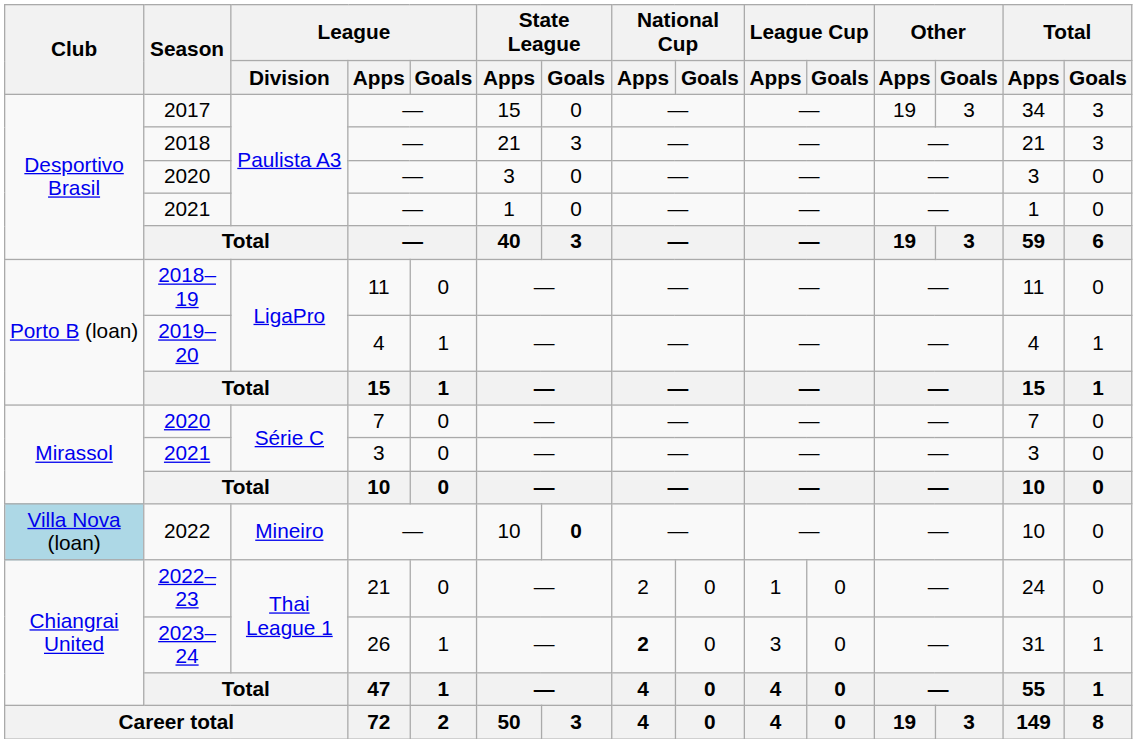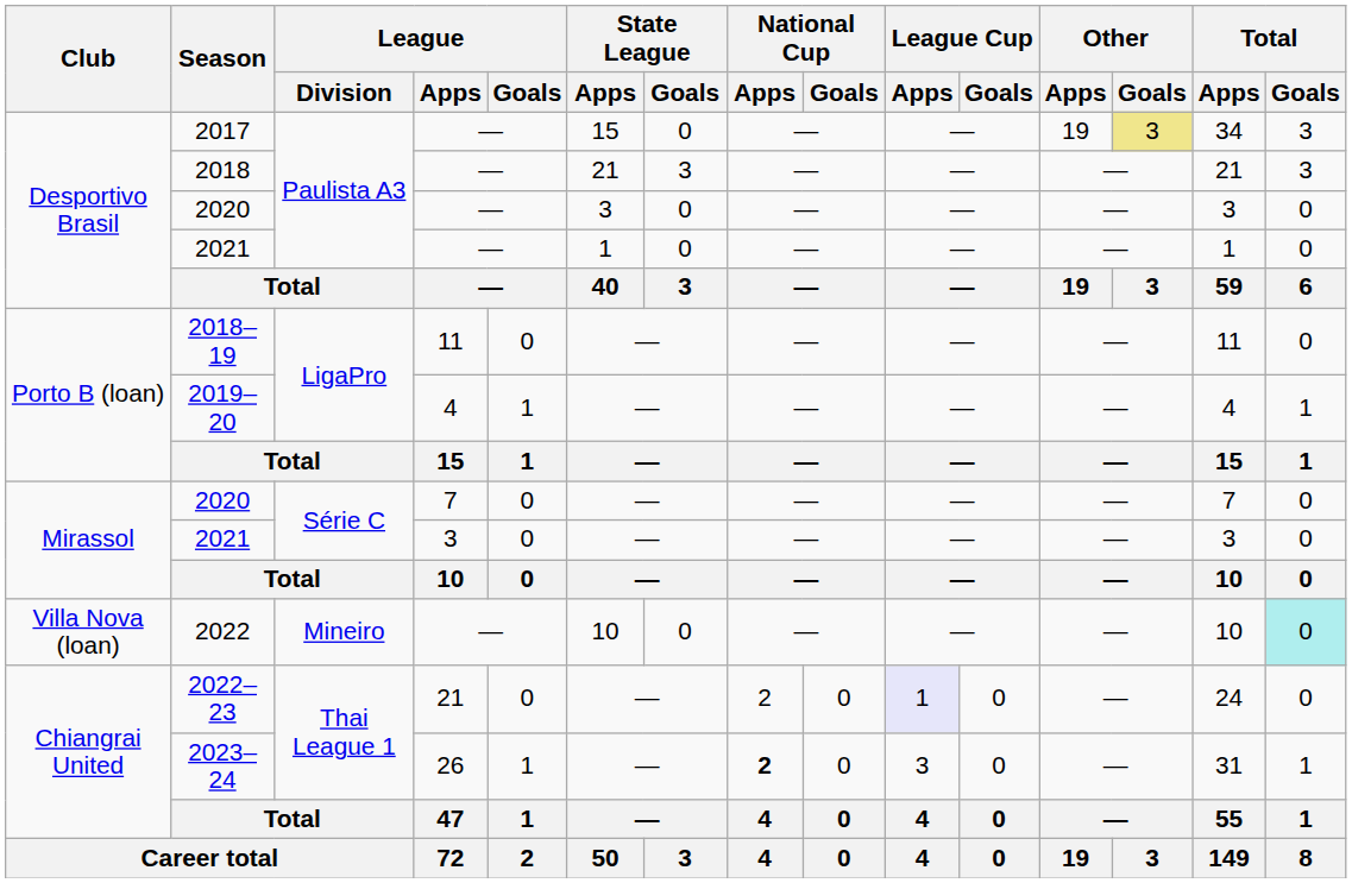 <table class="wikitable" style="text-align: center">
 <tr>
 <th rowspan="2">Club</th>
 <th rowspan="2">Season</th>
 <th colspan="3">League</th>
 <th colspan="2">State League</th>
 <th colspan="2">National Cup</th>
 <th colspan="2">League Cup</th>
 <th colspan="2">Other</th>
 <th colspan="2">Total</th>
 </tr>
 <tr>
 <th>Division</th>
 <th>Apps</th>
 <th>Goals</th>
 <th>Apps</th>
 <th>Goals</th>
 <th>Apps</th>
 <th>Goals</th>
 <th>Apps</th>
 <th>Goals</th>
 <th>Apps</th>
 <th>Goals</th>
 <th>Apps</th>
 <th>Goals</th>
 </tr>
 <tr>
 <td rowspan="5"><a href='#'>Desportivo Brasil</a></td>
 <td>2017</td>
 <td rowspan="4"><a href='#'>Paulista A3</a></td>
 <td colspan="2">—</td>
 <td>15</td>
 <td>0</td>
 <td colspan="2">—</td>
 <td colspan="2">—</td>
 <td>19</td>
-<td>3</td>
+<td style="background: khaki;">3</td>
 <td>34</td>
 <td>3</td>
 </tr>
 <tr>
 <td>2018</td>
 <td colspan="2">—</td>
 <td>21</td>
 <td>3</td>
 <td colspan="2">—</td>
 <td colspan="2">—</td>
 <td colspan="2">—</td>
 <td>21</td>
 <td>3</td>
 </tr>
 <tr>
 <td>2020</td>
 <td colspan="2">—</td>
 <td>3</td>
 <td>0</td>
 <td colspan="2">—</td>
 <td colspan="2">—</td>
 <td colspan="2">—</td>
 <td>3</td>
 <td>0</td>
 </tr>
 <tr>
 <td>2021</td>
 <td colspan="2">—</td>
 <td>1</td>
 <td>0</td>
 <td colspan="2">—</td>
 <td colspan="2">—</td>
 <td colspan="2">—</td>
 <td>1</td>
 <td>0</td>
 </tr>
 <tr>
 <th colspan="2"><strong>Total</strong></th>
 <th colspan="2">—</th>
 <th>40</th>
 <th>3</th>
 <th colspan="2">—</th>
 <th colspan="2">—</th>
 <th>19</th>
 <th>3</th>
 <th>59</th>
 <th>6</th>
 </tr>
 <tr>
 <td rowspan="3"><a href='#'>Porto B</a> (loan)</td>
 <td><a href='#'>2018–19</a></td>
 <td rowspan="2"><a href='#'>LigaPro</a></td>
 <td>11</td>
 <td>0</td>
 <td colspan="2">—</td>
 <td colspan="2">—</td>
 <td colspan="2">—</td>
 <td colspan="2">—</td>
 <td>11</td>
 <td>0</td>
 </tr>
 <tr>
 <td><a href='#'>2019–20</a></td>
 <td>4</td>
 <td>1</td>
 <td colspan="2">—</td>
 <td colspan="2">—</td>
 <td colspan="2">—</td>
 <td colspan="2">—</td>
 <td>4</td>
 <td>1</td>
 </tr>
 <tr>
 <th colspan="2"><strong>Total</strong></th>
 <th>15</th>
 <th>1</th>
 <th colspan="2">—</th>
 <th colspan="2">—</th>
 <th colspan="2">—</th>
 <th colspan="2">—</th>
 <th>15</th>
 <th>1</th>
 </tr>
 <tr>
 <td rowspan="3"><a href='#'>Mirassol</a></td>
 <td><a href='#'>2020</a></td>
 <td rowspan="2"><a href='#'>Série C</a></td>
 <td>7</td>
 <td>0</td>
 <td colspan="2">—</td>
 <td colspan="2">—</td>
 <td colspan="2">—</td>
 <td colspan="2">—</td>
 <td>7</td>
 <td>0</td>
 </tr>
 <tr>
 <td><a href='#'>2021</a></td>
 <td>3</td>
 <td>0</td>
 <td colspan="2">—</td>
 <td colspan="2">—</td>
 <td colspan="2">—</td>
 <td colspan="2">—</td>
 <td>3</td>
 <td>0</td>
 </tr>
 <tr>
 <th colspan="2"><strong>Total</strong></th>
 <th>10</th>
 <th>0</th>
 <th colspan="2">—</th>
 <th colspan="2">—</th>
 <th colspan="2">—</th>
 <th colspan="2">—</th>
 <th>10</th>
 <th>0</th>
 </tr>
 <tr>
-<td style="background: lightblue;"><a href='#'>Villa Nova</a> (loan)</td>
+<td><a href='#'>Villa Nova</a> (loan)</td>
 <td>2022</td>
 <td><a href='#'>Mineiro</a></td>
 <td colspan="2">—</td>
 <td>10</td>
-<td><strong>0</strong></td>
+<td>0</td>
 <td colspan="2">—</td>
 <td colspan="2">—</td>
 <td colspan="2">—</td>
 <td>10</td>
-<td>0</td>
+<td style="background: paleturquoise;">0</td>
 </tr>
 <tr>
 <td rowspan="3"><a href='#'>Chiangrai United</a></td>
 <td><a href='#'>2022–23</a></td>
 <td rowspan="2"><a href='#'>Thai League 1</a></td>
 <td>21</td>
 <td>0</td>
 <td colspan="2">—</td>
 <td>2</td>
 <td>0</td>
-<td>1</td>
+<td style="background: lavender;">1</td>
 <td>0</td>
 <td colspan="2">—</td>
 <td>24</td>
 <td>0</td>
 </tr>
 <tr>
 <td><a href='#'>2023–24</a></td>
 <td>26</td>
 <td>1</td>
 <td colspan="2">—</td>
 <td><strong>2</strong></td>
 <td>0</td>
 <td>3</td>
 <td>0</td>
 <td colspan="2">—</td>
 <td>31</td>
 <td>1</td>
 </tr>
 <tr>
 <th colspan="2"><strong>Total</strong></th>
 <th>47</th>
 <th>1</th>
 <th colspan="2">—</th>
 <th>4</th>
 <th>0</th>
 <th>4</th>
 <th>0</th>
 <th colspan="2">—</th>
 <th>55</th>
 <th>1</th>
 </tr>
 <tr>
 <th colspan="3"><strong>Career total</strong></th>
 <th>72</th>
 <th>2</th>
 <th>50</th>
 <th>3</th>
 <th>4</th>
 <th>0</th>
 <th>4</th>
 <th>0</th>
 <th>19</th>
 <th>3</th>
 <th>149</th>
 <th>8</th>
 </tr>
 </table>
